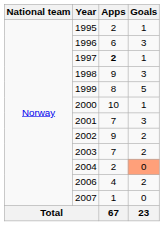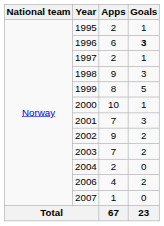 <table class="wikitable" style="text-align:center">
 <tr>
 <th>National team</th>
 <th>Year</th>
 <th>Apps</th>
 <th>Goals</th>
 </tr>
 <tr>
 <td rowspan="12"><a href='#'>Norway</a></td>
 <td>1995</td>
 <td>2</td>
 <td>1</td>
 </tr>
 <tr>
 <td>1996</td>
 <td>6</td>
-<td>3</td>
+<td><strong>3</strong></td>
 </tr>
 <tr>
 <td>1997</td>
-<td><strong>2</strong></td>
+<td>2</td>
 <td>1</td>
 </tr>
 <tr>
 <td>1998</td>
 <td>9</td>
 <td>3</td>
 </tr>
 <tr>
 <td>1999</td>
 <td>8</td>
 <td>5</td>
 </tr>
 <tr>
 <td>2000</td>
 <td>10</td>
 <td>1</td>
 </tr>
 <tr>
 <td>2001</td>
 <td>7</td>
 <td>3</td>
 </tr>
 <tr>
 <td>2002</td>
 <td>9</td>
 <td>2</td>
 </tr>
 <tr>
 <td>2003</td>
 <td>7</td>
 <td>2</td>
 </tr>
 <tr>
 <td>2004</td>
 <td>2</td>
-<td style="background: lightsalmon;">0</td>
+<td>0</td>
 </tr>
 <tr>
 <td>2006</td>
 <td>4</td>
 <td>2</td>
 </tr>
 <tr>
 <td>2007</td>
 <td>1</td>
 <td>0</td>
 </tr>
 <tr>
 <th colspan="2">Total</th>
 <th>67</th>
 <th>23</th>
 </tr>
 </table>
